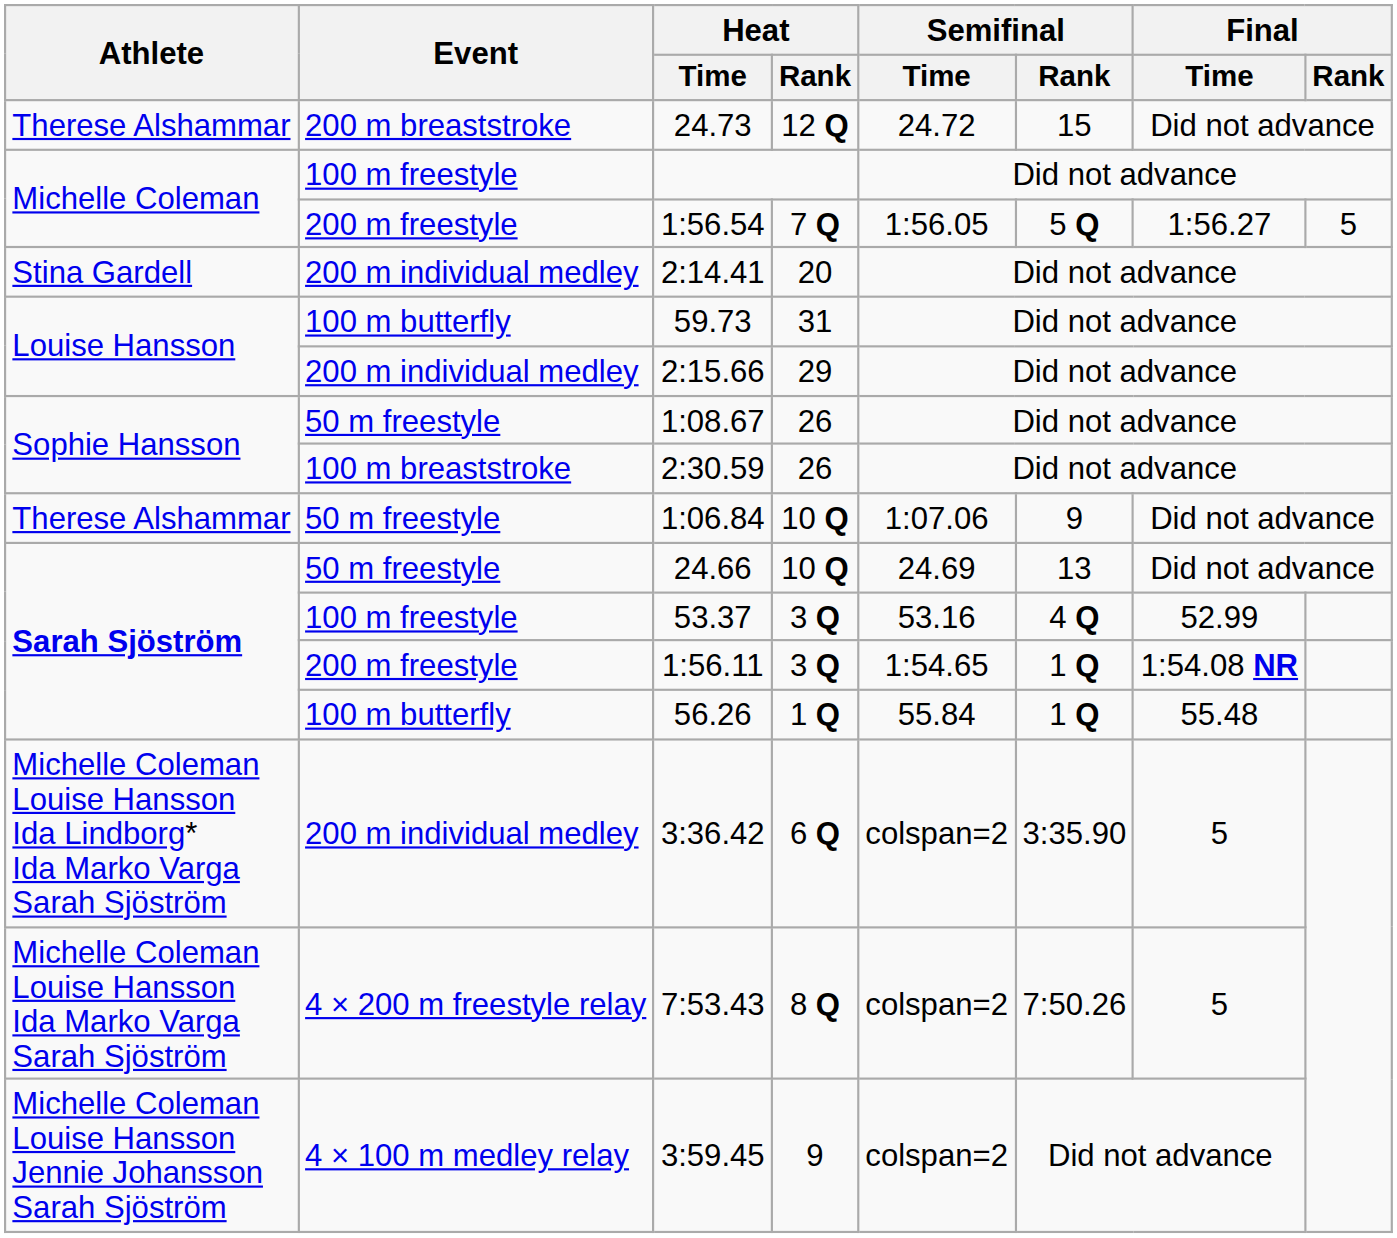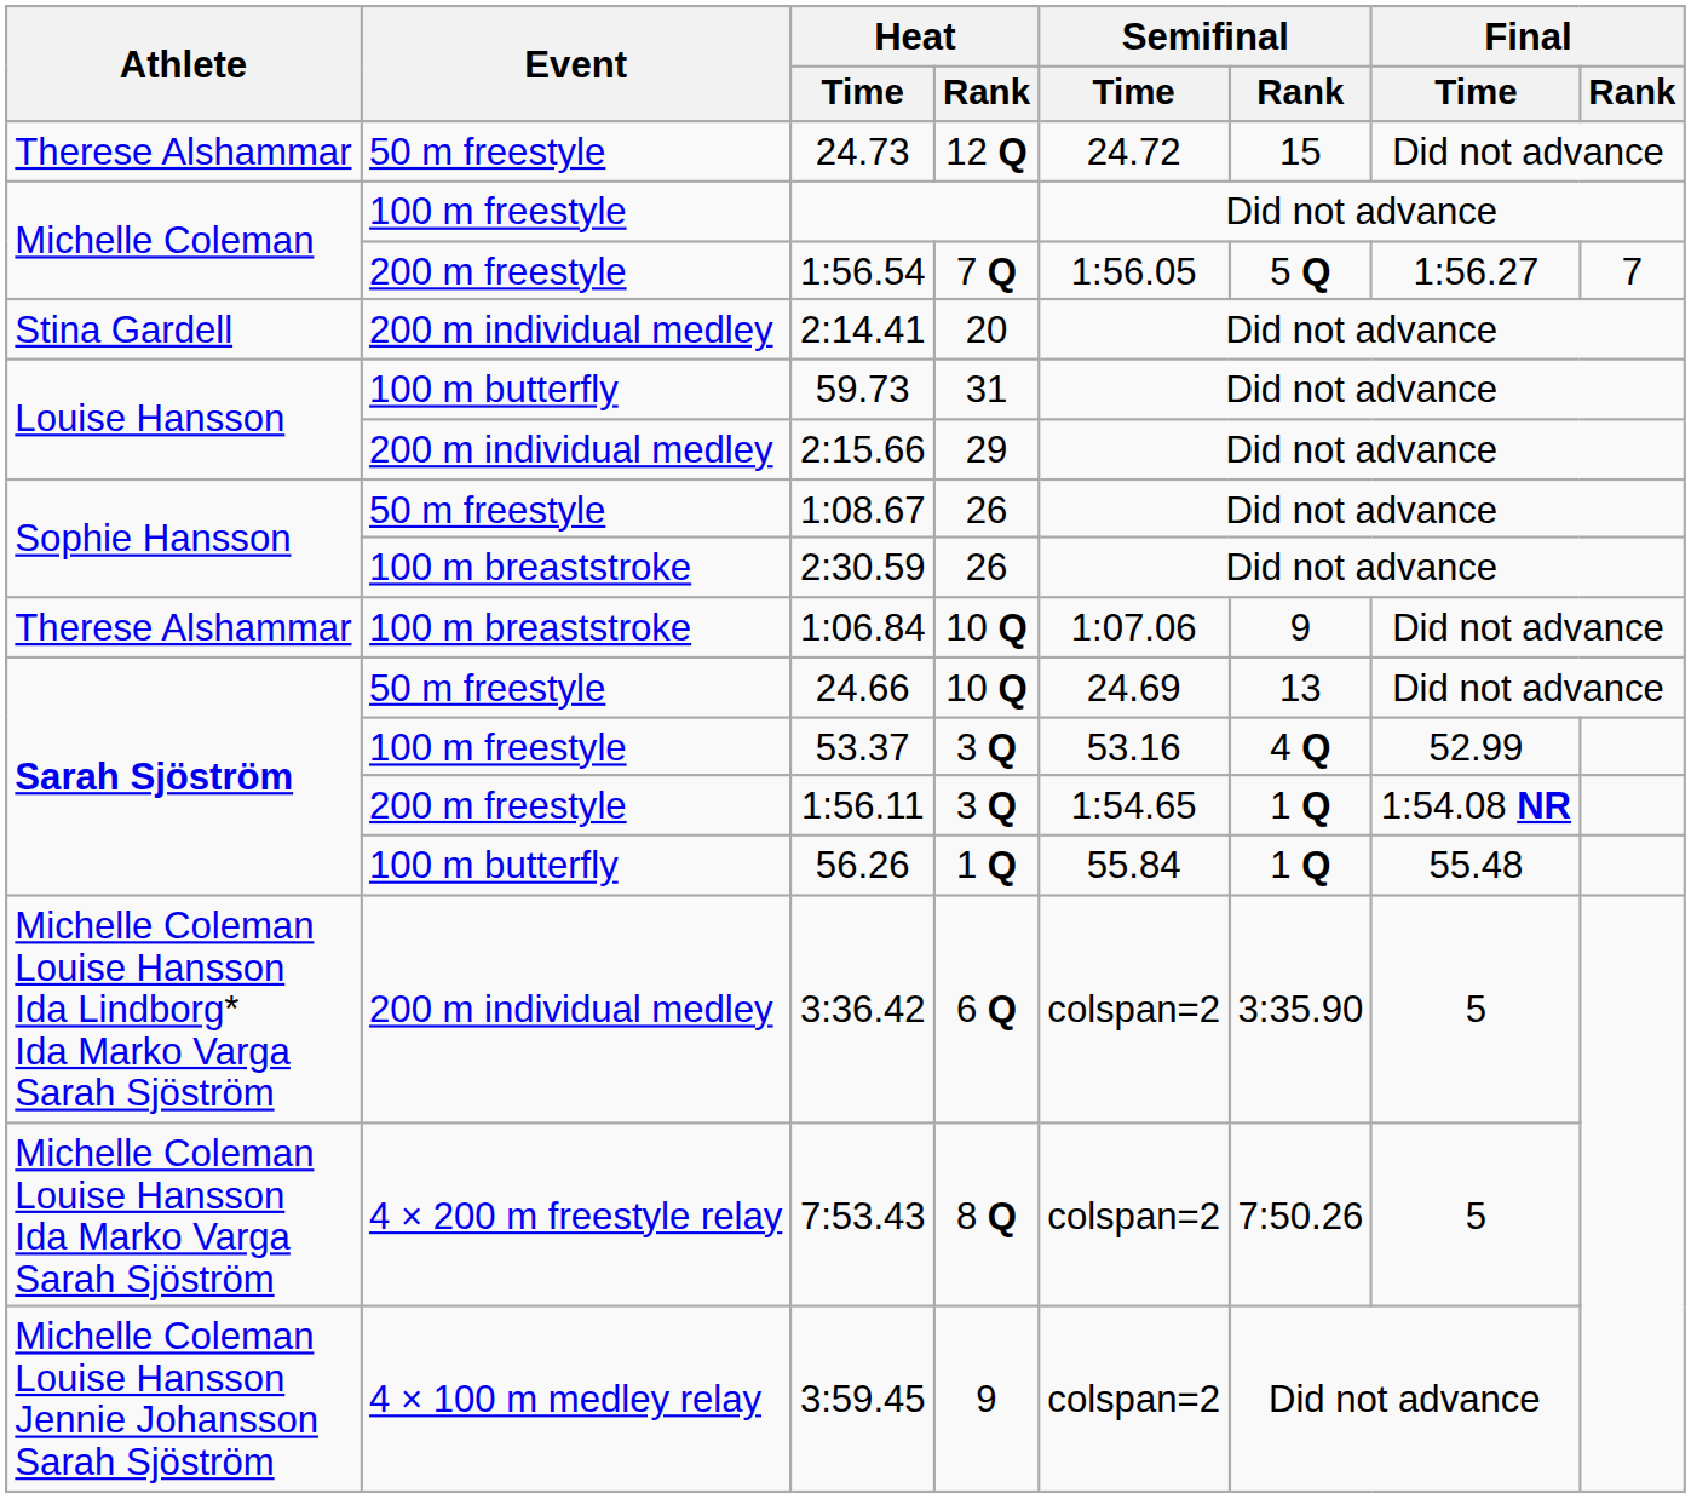 <table class=wikitable style="font-size:90%">
 <tr>
 <th rowspan="2">Athlete</th>
 <th rowspan="2">Event</th>
 <th colspan="2">Heat</th>
 <th colspan="2">Semifinal</th>
 <th colspan="2">Final</th>
 </tr>
 <tr style="font-size:95%">
 <th>Time</th>
 <th>Rank</th>
 <th>Time</th>
 <th>Rank</th>
 <th>Time</th>
 <th>Rank</th>
 </tr>
 <tr align=center>
 <td align=left><a href='#'>Therese Alshammar</a></td>
-<td align=left><a href='#'>200 m breaststroke</a></td>
+<td align=left><a href='#'>50 m freestyle</a></td>
 <td>24.73</td>
 <td>12 <strong>Q</strong></td>
 <td>24.72</td>
 <td>15</td>
 <td colspan=2>Did not advance</td>
 </tr>
 <tr align=center>
 <td align=left rowspan=2><a href='#'>Michelle Coleman</a></td>
 <td align=left><a href='#'>100 m freestyle</a></td>
 <td colspan=2></td>
 <td colspan=4>Did not advance</td>
 </tr>
 <tr align=center>
 <td align=left><a href='#'>200 m freestyle</a></td>
 <td>1:56.54</td>
 <td>7 <strong>Q</strong></td>
 <td>1:56.05</td>
 <td>5 <strong>Q</strong></td>
 <td>1:56.27</td>
-<td>5</td>
+<td>7</td>
 </tr>
 <tr align=center>
 <td align=left><a href='#'>Stina Gardell</a></td>
 <td align=left><a href='#'>200 m individual medley</a></td>
 <td>2:14.41</td>
 <td>20</td>
 <td colspan=4>Did not advance</td>
 </tr>
 <tr align=center>
 <td align=left rowspan=2><a href='#'>Louise Hansson</a></td>
 <td align=left><a href='#'>100 m butterfly</a></td>
 <td>59.73</td>
 <td>31</td>
 <td colspan=4>Did not advance</td>
 </tr>
 <tr align=center>
 <td align=left><a href='#'>200 m individual medley</a></td>
 <td>2:15.66</td>
 <td>29</td>
 <td colspan=4>Did not advance</td>
 </tr>
 <tr align=center>
 <td align=left rowspan=2><a href='#'>Sophie Hansson</a></td>
 <td align=left><a href='#'>50 m freestyle</a></td>
 <td>1:08.67</td>
 <td>26</td>
 <td colspan=4>Did not advance</td>
 </tr>
 <tr align=center>
 <td align=left><a href='#'>100 m breaststroke</a></td>
 <td>2:30.59</td>
 <td>26</td>
 <td colspan=4>Did not advance</td>
 </tr>
 <tr align=center>
 <td align=left><a href='#'>Therese Alshammar</a></td>
-<td align=left><a href='#'>50 m freestyle</a></td>
+<td align=left><a href='#'>100 m breaststroke</a></td>
 <td>1:06.84</td>
 <td>10 <strong>Q</strong></td>
 <td>1:07.06</td>
 <td>9</td>
 <td colspan=2>Did not advance</td>
 </tr>
 <tr align=center>
 <td align=left rowspan=4><strong><a href='#'>Sarah Sjöström</a></strong></td>
 <td align=left><a href='#'>50 m freestyle</a></td>
 <td>24.66</td>
 <td>10 <strong>Q</strong></td>
 <td>24.69</td>
 <td>13</td>
 <td colspan=2>Did not advance</td>
 </tr>
 <tr align=center>
 <td align=left><a href='#'>100 m freestyle</a></td>
 <td>53.37</td>
 <td>3 <strong>Q</strong></td>
 <td>53.16</td>
 <td>4 <strong>Q</strong></td>
 <td>52.99</td>
 <td></td>
 </tr>
 <tr align=center>
 <td align=left><a href='#'>200 m freestyle</a></td>
 <td>1:56.11</td>
 <td>3 <strong>Q</strong></td>
 <td>1:54.65</td>
 <td>1 <strong>Q</strong></td>
 <td>1:54.08 <strong><a href='#'>NR</a></strong></td>
 <td></td>
 </tr>
 <tr align=center>
 <td align=left><a href='#'>100 m butterfly</a></td>
 <td>56.26</td>
 <td>1 <strong>Q</strong></td>
 <td>55.84 </td>
 <td>1 <strong>Q</strong></td>
 <td>55.48 </td>
 <td></td>
 </tr>
 <tr align=center>
 <td align=left><a href='#'>Michelle Coleman</a><br><a href='#'>Louise Hansson</a><br><a href='#'>Ida Lindborg</a>*<br><a href='#'>Ida Marko Varga</a><br><a href='#'>Sarah Sjöström</a></td>
 <td align=left><a href='#'>200 m individual medley</a></td>
 <td>3:36.42</td>
 <td>6 <strong>Q</strong></td>
 <td>colspan=2 </td>
 <td>3:35.90</td>
 <td>5</td>
 </tr>
 <tr align=center>
 <td align=left><a href='#'>Michelle Coleman</a><br><a href='#'>Louise Hansson</a><br><a href='#'>Ida Marko Varga</a><br><a href='#'>Sarah Sjöström</a></td>
 <td align=left><a href='#'>4 × 200 m freestyle relay</a></td>
 <td>7:53.43</td>
 <td>8 <strong>Q</strong></td>
 <td>colspan=2 </td>
 <td>7:50.26</td>
 <td>5</td>
 </tr>
 <tr align=center>
 <td align=left><a href='#'>Michelle Coleman</a><br><a href='#'>Louise Hansson</a><br><a href='#'>Jennie Johansson</a><br><a href='#'>Sarah Sjöström</a></td>
 <td align=left><a href='#'>4 × 100 m medley relay</a></td>
 <td>3:59.45</td>
 <td>9</td>
 <td>colspan=2 </td>
 <td colspan=2>Did not advance</td>
 </tr>
 </table>
